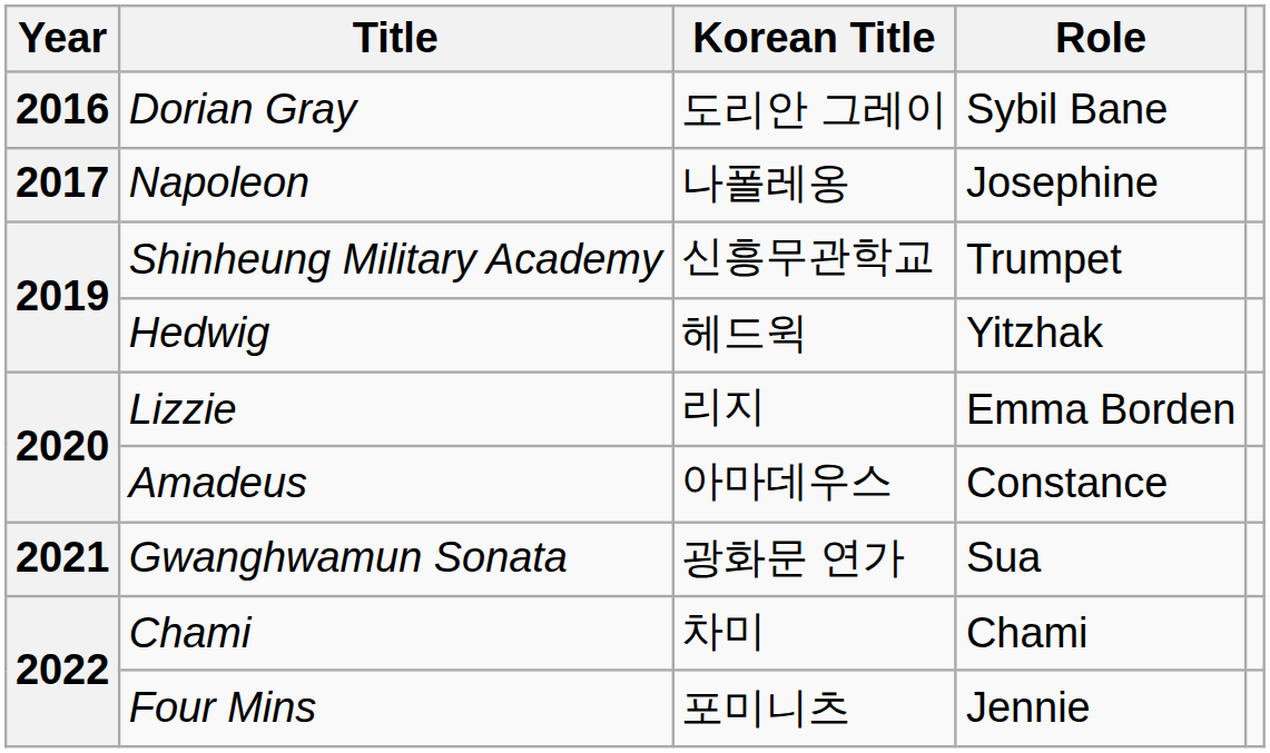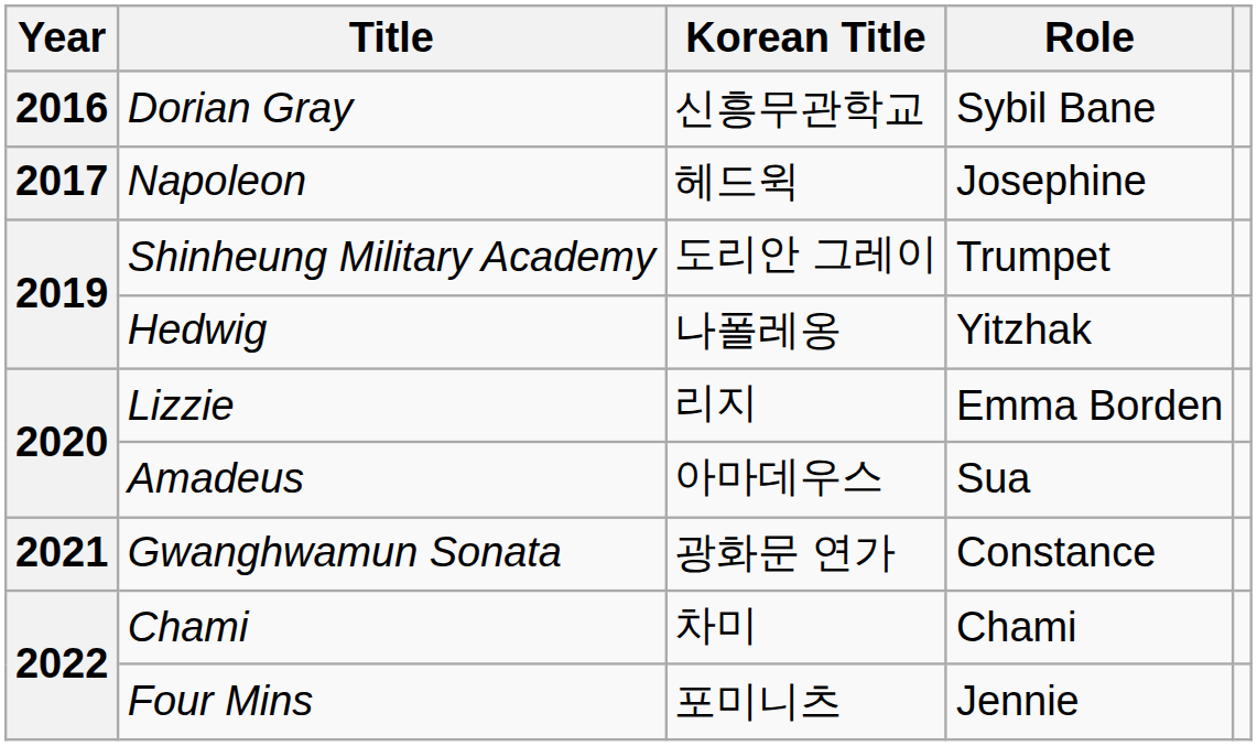 <table class="wikitable sortable plainrowheaders">
 <tr>
 <th scope="col">Year</th>
 <th scope="col">Title</th>
 <th scope="col">Korean Title</th>
 <th scope="col">Role</th>
 <th scope="col"></th>
 </tr>
 <tr>
 <th scope="row">2016</th>
 <td><em>Dorian Gray</em></td>
-<td>도리안 그레이</td>
+<td>신흥무관학교</td>
 <td>Sybil Bane</td>
 <td></td>
 </tr>
 <tr>
 <th scope="row">2017</th>
 <td><em>Napoleon</em></td>
-<td>나폴레옹</td>
+<td>헤드윅</td>
 <td>Josephine</td>
 <td></td>
 </tr>
 <tr>
 <th scope="row" rowspan="2">2019</th>
 <td><em>Shinheung Military Academy</em></td>
-<td>신흥무관학교</td>
+<td>도리안 그레이</td>
 <td>Trumpet</td>
 <td></td>
 </tr>
 <tr>
 <td><em>Hedwig</em></td>
-<td>헤드윅</td>
+<td>나폴레옹</td>
 <td>Yitzhak</td>
 <td></td>
 </tr>
 <tr>
 <th scope="row" rowspan="2">2020</th>
 <td><em>Lizzie</em></td>
 <td>리지</td>
 <td>Emma Borden</td>
 <td></td>
 </tr>
 <tr>
 <td><em>Amadeus</em></td>
 <td>아마데우스</td>
-<td>Constance</td>
+<td>Sua</td>
 <td></td>
 </tr>
 <tr>
 <th scope="row">2021</th>
 <td><em>Gwanghwamun Sonata</em></td>
 <td>광화문 연가</td>
-<td>Sua</td>
+<td>Constance</td>
 <td></td>
 </tr>
 <tr>
 <th scope="row" rowspan="2">2022</th>
 <td><em>Chami</em></td>
 <td>차미</td>
 <td>Chami</td>
 <td></td>
 </tr>
 <tr>
 <td><em>Four Mins</em></td>
 <td>포미니츠</td>
 <td>Jennie</td>
 <td></td>
 </tr>
 </table>
